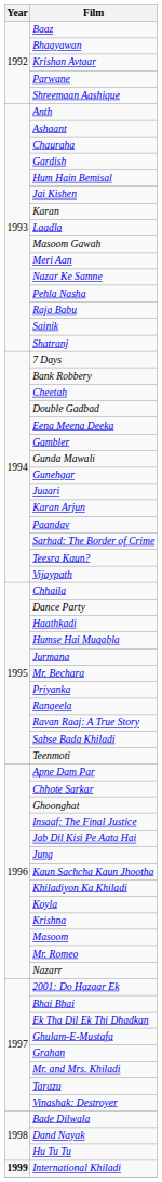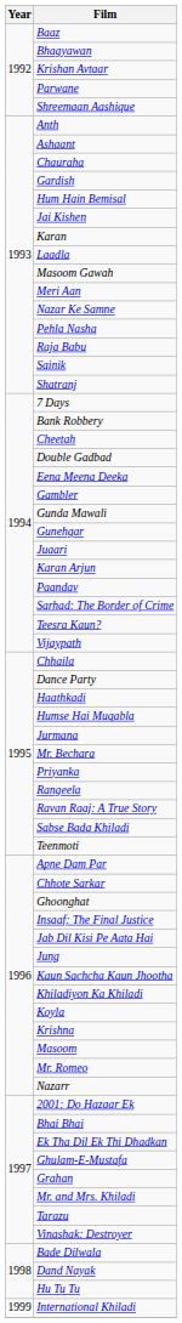 <table class="wikitable sortable">
 <tr>
 <th>Year</th>
 <th>Film</th>
 </tr>
 <tr>
 <td rowspan="5">1992</td>
 <td><em><a href='#'>Baaz</a></em></td>
 </tr>
 <tr>
 <td><em><a href='#'>Bhagyawan</a></em></td>
 </tr>
 <tr>
 <td><em><a href='#'>Krishan Avtaar</a></em></td>
 </tr>
 <tr>
 <td><em><a href='#'>Parwane</a></em></td>
 </tr>
 <tr>
 <td><em><a href='#'>Shreemaan Aashique</a></em></td>
 </tr>
 <tr>
 <td rowspan="15">1993</td>
 <td><em><a href='#'>Anth</a></em></td>
 </tr>
 <tr>
 <td><em><a href='#'>Ashaant</a></em></td>
 </tr>
 <tr>
 <td><em><a href='#'>Chauraha</a></em></td>
 </tr>
 <tr>
 <td><em><a href='#'>Gardish</a></em></td>
 </tr>
 <tr>
 <td><em><a href='#'>Hum Hain Bemisal</a></em></td>
 </tr>
 <tr>
 <td><em><a href='#'>Jai Kishen</a></em></td>
 </tr>
 <tr>
 <td><em>Karan</em></td>
 </tr>
 <tr>
 <td><em><a href='#'>Laadla</a></em></td>
 </tr>
 <tr>
 <td><em>Masoom Gawah</em></td>
 </tr>
 <tr>
 <td><em><a href='#'>Meri Aan</a></em></td>
 </tr>
 <tr>
 <td><em><a href='#'>Nazar Ke Samne</a></em></td>
 </tr>
 <tr>
 <td><em><a href='#'>Pehla Nasha</a></em></td>
 </tr>
 <tr>
 <td><em><a href='#'>Raja Babu</a></em></td>
 </tr>
 <tr>
 <td><em><a href='#'>Sainik</a></em></td>
 </tr>
 <tr>
 <td><em><a href='#'>Shatranj</a></em></td>
 </tr>
 <tr>
 <td rowspan="14">1994</td>
 <td><em>7 Days</em></td>
 </tr>
 <tr>
 <td><em>Bank Robbery</em></td>
 </tr>
 <tr>
 <td><em><a href='#'>Cheetah</a></em></td>
 </tr>
 <tr>
 <td><em>Double Gadbad</em></td>
 </tr>
 <tr>
 <td><em><a href='#'>Eena Meena Deeka</a></em></td>
 </tr>
 <tr>
 <td><em><a href='#'>Gambler</a></em></td>
 </tr>
 <tr>
 <td><em>Gunda Mawali</em></td>
 </tr>
 <tr>
 <td><em><a href='#'>Gunehgar</a></em></td>
 </tr>
 <tr>
 <td><em><a href='#'>Juaari</a></em></td>
 </tr>
 <tr>
 <td><em><a href='#'>Karan Arjun</a></em></td>
 </tr>
 <tr>
 <td><em><a href='#'>Paandav</a></em></td>
 </tr>
 <tr>
 <td><em><a href='#'>Sarhad: The Border of Crime</a></em></td>
 </tr>
 <tr>
 <td><em><a href='#'>Teesra Kaun?</a></em></td>
 </tr>
 <tr>
 <td><em><a href='#'>Vijaypath</a></em></td>
 </tr>
 <tr>
 <td rowspan="11">1995</td>
 <td><em><a href='#'>Chhaila</a></em></td>
 </tr>
 <tr>
 <td><em>Dance Party</em></td>
 </tr>
 <tr>
 <td><em><a href='#'>Haathkadi</a></em></td>
 </tr>
 <tr>
 <td><em><a href='#'>Humse Hai Muqabla</a></em></td>
 </tr>
 <tr>
 <td><em><a href='#'>Jurmana</a></em></td>
 </tr>
 <tr>
 <td><em><a href='#'>Mr. Bechara</a></em></td>
 </tr>
 <tr>
 <td><em><a href='#'>Priyanka</a></em></td>
 </tr>
 <tr>
 <td><em><a href='#'>Rangeela</a></em></td>
 </tr>
 <tr>
 <td><em><a href='#'>Ravan Raaj: A True Story</a></em></td>
 </tr>
 <tr>
 <td><em><a href='#'>Sabse Bada Khiladi</a></em></td>
 </tr>
 <tr>
 <td><em>Teenmoti</em></td>
 </tr>
 <tr>
 <td rowspan="13">1996</td>
 <td><em><a href='#'>Apne Dam Par</a></em></td>
 </tr>
 <tr>
 <td><em><a href='#'>Chhote Sarkar</a></em></td>
 </tr>
 <tr>
 <td><em>Ghoonghat</em></td>
 </tr>
 <tr>
 <td><em><a href='#'>Insaaf: The Final Justice</a></em></td>
 </tr>
 <tr>
 <td><em><a href='#'>Jab Dil Kisi Pe Aata Hai</a></em></td>
 </tr>
 <tr>
 <td><em><a href='#'>Jung</a></em></td>
 </tr>
 <tr>
 <td><em><a href='#'>Kaun Sachcha Kaun Jhootha</a></em></td>
 </tr>
 <tr>
 <td><em><a href='#'>Khiladiyon Ka Khiladi</a></em></td>
 </tr>
 <tr>
 <td><em><a href='#'>Koyla</a></em></td>
 </tr>
 <tr>
 <td><em><a href='#'>Krishna</a></em></td>
 </tr>
 <tr>
 <td><em><a href='#'>Masoom</a></em></td>
 </tr>
 <tr>
 <td><em><a href='#'>Mr. Romeo</a></em></td>
 </tr>
 <tr>
 <td><em>Nazarr</em></td>
 </tr>
 <tr>
 <td rowspan="8">1997</td>
 <td><em><a href='#'>2001: Do Hazaar Ek</a></em></td>
 </tr>
 <tr>
 <td><em><a href='#'>Bhai Bhai</a></em></td>
 </tr>
 <tr>
 <td><em><a href='#'>Ek Tha Dil Ek Thi Dhadkan</a></em></td>
 </tr>
 <tr>
 <td><em><a href='#'>Ghulam-E-Mustafa</a></em></td>
 </tr>
 <tr>
 <td><em><a href='#'>Grahan</a></em></td>
 </tr>
 <tr>
 <td><em><a href='#'>Mr. and Mrs. Khiladi</a></em></td>
 </tr>
 <tr>
 <td><em><a href='#'>Tarazu</a></em></td>
 </tr>
 <tr>
 <td><em><a href='#'>Vinashak: Destroyer</a></em></td>
 </tr>
 <tr>
 <td rowspan="3">1998</td>
 <td><em><a href='#'>Bade Dilwala</a></em></td>
 </tr>
 <tr>
 <td><em><a href='#'>Dand Nayak</a></em></td>
 </tr>
 <tr>
 <td><em><a href='#'>Hu Tu Tu</a></em></td>
 </tr>
 <tr>
-<td><strong>1999</strong></td>
+<td>1999</td>
 <td><em><a href='#'>International Khiladi</a></em></td>
 </tr>
 <tr>
 </tr>
 </table>
